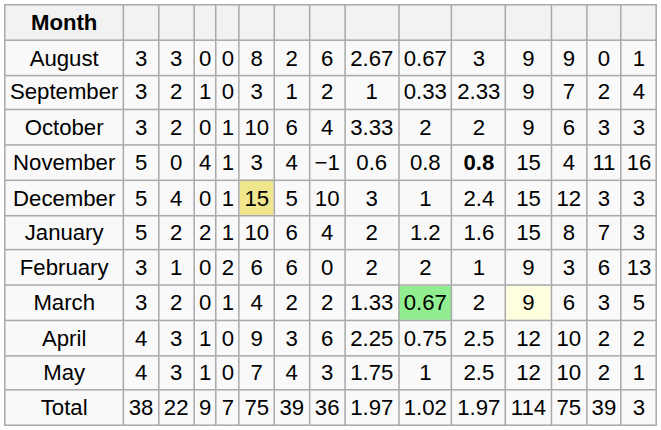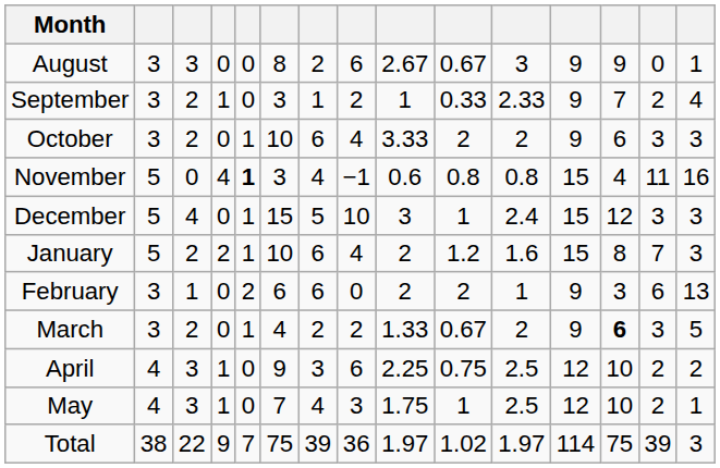 <table class="wikitable sortable" style="font-size: 90%; text-align: center;">
 <tr>
 <th>Month</th>
 <th></th>
 <th></th>
 <th></th>
 <th></th>
 <th></th>
 <th></th>
 <th></th>
 <th></th>
 <th></th>
 <th></th>
 <th></th>
 <th></th>
 <th></th>
 <th></th>
 </tr>
 <tr>
 <td>August</td>
 <td>3</td>
 <td>3</td>
 <td>0</td>
 <td>0</td>
 <td>8</td>
 <td>2</td>
 <td>6</td>
 <td>2.67</td>
 <td>0.67</td>
 <td>3</td>
 <td>9</td>
 <td>9</td>
 <td>0</td>
 <td>1</td>
 </tr>
 <tr>
 <td>September</td>
 <td>3</td>
 <td>2</td>
 <td>1</td>
 <td>0</td>
 <td>3</td>
 <td>1</td>
 <td>2</td>
 <td>1</td>
 <td>0.33</td>
 <td>2.33</td>
 <td>9</td>
 <td>7</td>
 <td>2</td>
 <td>4</td>
 </tr>
 <tr>
 <td>October</td>
 <td>3</td>
 <td>2</td>
 <td>0</td>
 <td>1</td>
 <td>10</td>
 <td>6</td>
 <td>4</td>
 <td>3.33</td>
 <td>2</td>
 <td>2</td>
 <td>9</td>
 <td>6</td>
 <td>3</td>
 <td>3</td>
 </tr>
 <tr>
 <td>November</td>
 <td>5</td>
 <td>0</td>
 <td>4</td>
-<td>1</td>
+<td><strong>1</strong></td>
 <td>3</td>
 <td>4</td>
 <td>−1</td>
 <td>0.6</td>
 <td>0.8</td>
-<td><strong>0.8</strong></td>
+<td>0.8</td>
 <td>15</td>
 <td>4</td>
 <td>11</td>
 <td>16</td>
 </tr>
 <tr>
 <td>December</td>
 <td>5</td>
 <td>4</td>
 <td>0</td>
 <td>1</td>
-<td style="background: khaki;">15</td>
+<td>15</td>
 <td>5</td>
 <td>10</td>
 <td>3</td>
 <td>1</td>
 <td>2.4</td>
 <td>15</td>
 <td>12</td>
 <td>3</td>
 <td>3</td>
 </tr>
 <tr>
 <td>January</td>
 <td>5</td>
 <td>2</td>
 <td>2</td>
 <td>1</td>
 <td>10</td>
 <td>6</td>
 <td>4</td>
 <td>2</td>
 <td>1.2</td>
 <td>1.6</td>
 <td>15</td>
 <td>8</td>
 <td>7</td>
 <td>3</td>
 </tr>
 <tr>
 <td>February</td>
 <td>3</td>
 <td>1</td>
 <td>0</td>
 <td>2</td>
 <td>6</td>
 <td>6</td>
 <td>0</td>
 <td>2</td>
 <td>2</td>
 <td>1</td>
 <td>9</td>
 <td>3</td>
 <td>6</td>
 <td>13</td>
 </tr>
 <tr>
 <td>March</td>
 <td>3</td>
 <td>2</td>
 <td>0</td>
 <td>1</td>
 <td>4</td>
 <td>2</td>
 <td>2</td>
 <td>1.33</td>
-<td style="background: lightgreen;">0.67</td>
+<td>0.67</td>
 <td>2</td>
-<td style="background: lightyellow;">9</td>
-<td>6</td>
+<td>9</td>
+<td><strong>6</strong></td>
 <td>3</td>
 <td>5</td>
 </tr>
 <tr>
 <td>April</td>
 <td>4</td>
 <td>3</td>
 <td>1</td>
 <td>0</td>
 <td>9</td>
 <td>3</td>
 <td>6</td>
 <td>2.25</td>
 <td>0.75</td>
 <td>2.5</td>
 <td>12</td>
 <td>10</td>
 <td>2</td>
 <td>2</td>
 </tr>
 <tr>
 <td>May</td>
 <td>4</td>
 <td>3</td>
 <td>1</td>
 <td>0</td>
 <td>7</td>
 <td>4</td>
 <td>3</td>
 <td>1.75</td>
 <td>1</td>
 <td>2.5</td>
 <td>12</td>
 <td>10</td>
 <td>2</td>
 <td>1</td>
 </tr>
 <tr>
 <td>Total</td>
 <td>38</td>
 <td>22</td>
 <td>9</td>
 <td>7</td>
 <td>75</td>
 <td>39</td>
 <td>36</td>
 <td>1.97</td>
 <td>1.02</td>
 <td>1.97</td>
 <td>114</td>
 <td>75</td>
 <td>39</td>
 <td>3</td>
 </tr>
 </table>
